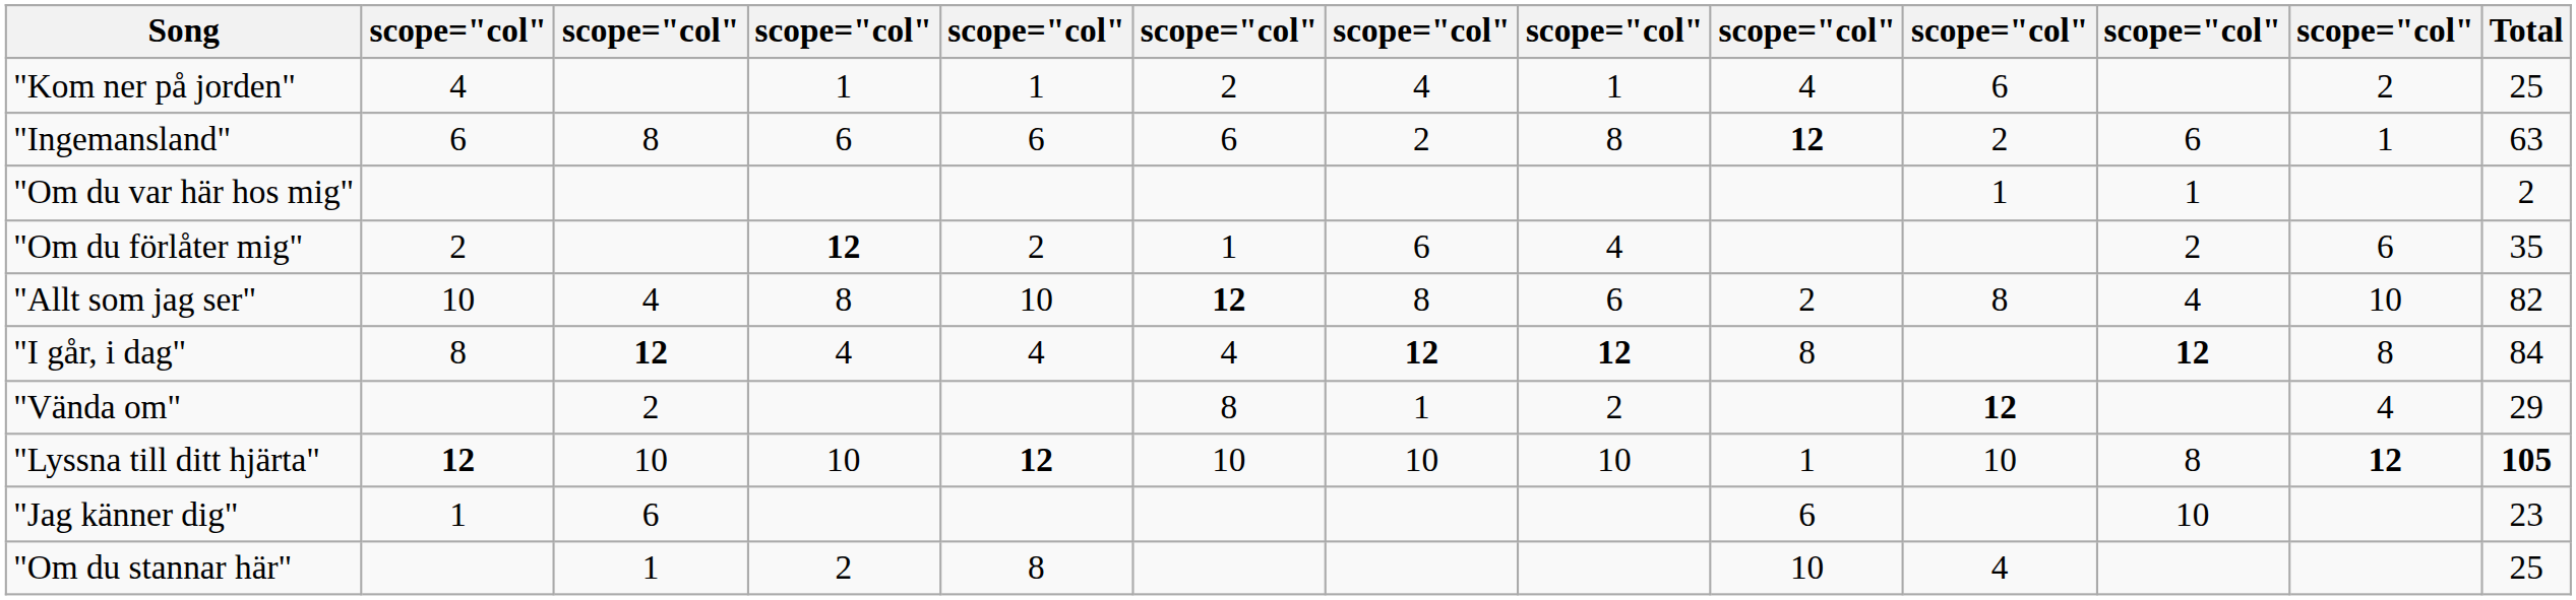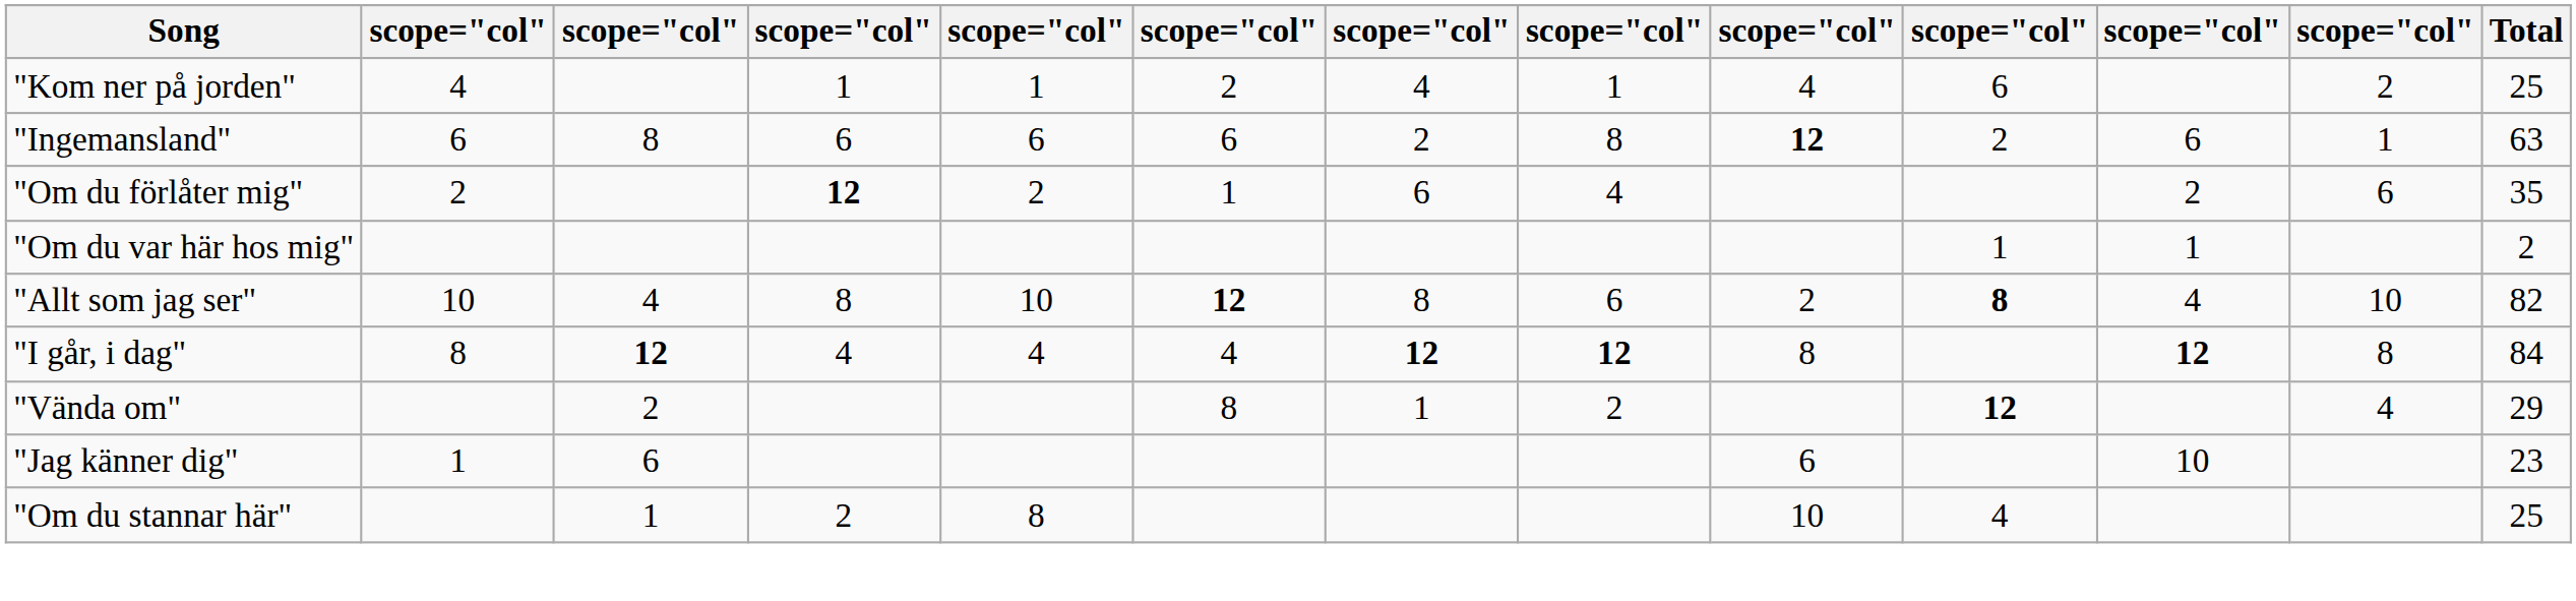 <table class="wikitable" style="margin: 1em auto 1em auto; text-align:center;">
 <tr>
 </tr>
 <tr>
 <th scope="col">Song</th>
 <th>scope="col" </th>
 <th>scope="col" </th>
 <th>scope="col" </th>
 <th>scope="col" </th>
 <th>scope="col" </th>
 <th>scope="col" </th>
 <th>scope="col" </th>
 <th>scope="col" </th>
 <th>scope="col" </th>
 <th>scope="col" </th>
 <th>scope="col" </th>
 <th scope="col">Total</th>
 </tr>
 <tr>
 <td align="left">"Kom ner på jorden"</td>
 <td>4</td>
 <td></td>
 <td>1</td>
 <td>1</td>
 <td>2</td>
 <td>4</td>
 <td>1</td>
 <td>4</td>
 <td>6</td>
 <td></td>
 <td>2</td>
 <td>25</td>
 </tr>
 <tr>
 <td align="left">"Ingemansland"</td>
 <td>6</td>
 <td>8</td>
 <td>6</td>
 <td>6</td>
 <td>6</td>
 <td>2</td>
 <td>8</td>
 <td><strong>12</strong></td>
 <td>2</td>
 <td>6</td>
 <td>1</td>
 <td>63</td>
 </tr>
 <tr>
+<td align="left">"Om du förlåter mig"</td>
+<td>2</td>
+<td></td>
+<td><strong>12</strong></td>
+<td>2</td>
+<td>1</td>
+<td>6</td>
+<td>4</td>
+<td></td>
+<td></td>
+<td>2</td>
+<td>6</td>
+<td>35</td>
+</tr>
+<tr>
 <td align="left">"Om du var här hos mig"</td>
 <td></td>
 <td></td>
 <td></td>
 <td></td>
 <td></td>
 <td></td>
 <td></td>
 <td></td>
 <td>1</td>
 <td>1</td>
 <td></td>
 <td>2</td>
 </tr>
 <tr>
-<td align="left">"Om du förlåter mig"</td>
-<td>2</td>
-<td></td>
-<td><strong>12</strong></td>
-<td>2</td>
-<td>1</td>
-<td>6</td>
-<td>4</td>
-<td></td>
-<td></td>
-<td>2</td>
-<td>6</td>
-<td>35</td>
-</tr>
-<tr>
 <td align="left">"Allt som jag ser"</td>
 <td>10</td>
 <td>4</td>
 <td>8</td>
 <td>10</td>
 <td><strong>12</strong></td>
 <td>8</td>
 <td>6</td>
 <td>2</td>
-<td>8</td>
+<td><strong>8</strong></td>
 <td>4</td>
 <td>10</td>
 <td>82</td>
 </tr>
 <tr>
 <td align="left">"I går, i dag"</td>
 <td>8</td>
 <td><strong>12</strong></td>
 <td>4</td>
 <td>4</td>
 <td>4</td>
 <td><strong>12</strong></td>
 <td><strong>12</strong></td>
 <td>8</td>
 <td></td>
 <td><strong>12</strong></td>
 <td>8</td>
 <td>84</td>
 </tr>
 <tr>
 <td align="left">"Vända om"</td>
 <td></td>
 <td>2</td>
 <td></td>
 <td></td>
 <td>8</td>
 <td>1</td>
 <td>2</td>
 <td></td>
 <td><strong>12</strong></td>
 <td></td>
 <td>4</td>
 <td>29</td>
 </tr>
 <tr>
-<td align="left">"Lyssna till ditt hjärta"</td>
-<td><strong>12</strong></td>
-<td>10</td>
-<td>10</td>
-<td><strong>12</strong></td>
-<td>10</td>
-<td>10</td>
-<td>10</td>
-<td>1</td>
-<td>10</td>
-<td>8</td>
-<td><strong>12</strong></td>
-<td><strong>105</strong></td>
-</tr>
-<tr>
 <td align="left">"Jag känner dig"</td>
 <td>1</td>
 <td>6</td>
 <td></td>
 <td></td>
 <td></td>
 <td></td>
 <td></td>
 <td>6</td>
 <td></td>
 <td>10</td>
 <td></td>
 <td>23</td>
 </tr>
 <tr>
 <td align="left">"Om du stannar här"</td>
 <td></td>
 <td>1</td>
 <td>2</td>
 <td>8</td>
 <td></td>
 <td></td>
 <td></td>
 <td>10</td>
 <td>4</td>
 <td></td>
 <td></td>
 <td>25</td>
 </tr>
 </table>
